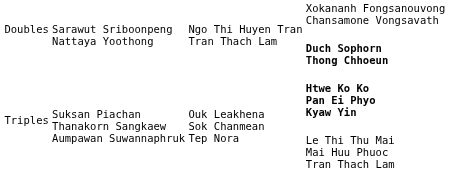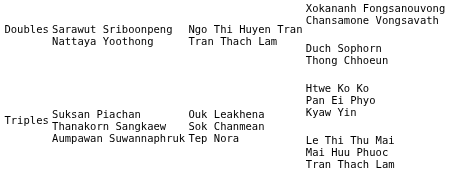 <table>
 <tr>
 <td rowspan=2>Doubles<br></td>
 <td rowspan=2><br>Sarawut Sriboonpeng<br>Nattaya Yoothong</td>
 <td rowspan=2><br>Ngo Thi Huyen Tran<br>Tran Thach Lam</td>
 <td><br>Xokananh Fongsanouvong<br>Chansamone Vongsavath</td>
 </tr>
 <tr>
-<td><strong><br>Duch Sophorn<br>Thong Chhoeun</strong></td>
+<td><br>Duch Sophorn<br>Thong Chhoeun</td>
 </tr>
 <tr>
 <td rowspan=2>Triples<br></td>
 <td rowspan=2><br>Suksan Piachan<br>Thanakorn Sangkaew<br>Aumpawan Suwannaphruk</td>
 <td rowspan=2><br>Ouk Leakhena<br>Sok Chanmean<br>Tep Nora</td>
-<td><strong><br>Htwe Ko Ko<br>Pan Ei Phyo<br>Kyaw Yin</strong></td>
+<td><br>Htwe Ko Ko<br>Pan Ei Phyo<br>Kyaw Yin</td>
 </tr>
 <tr>
 <td><br>Le Thi Thu Mai<br>Mai Huu Phuoc<br>Tran Thach Lam</td>
 </tr>
 </table>
